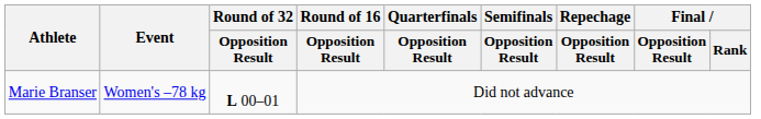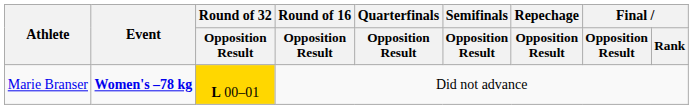 <table class="wikitable" style="font-size:90%">
 <tr>
 <th rowspan="2">Athlete</th>
 <th rowspan="2">Event</th>
 <th>Round of 32</th>
 <th>Round of 16</th>
 <th>Quarterfinals</th>
 <th>Semifinals</th>
 <th>Repechage</th>
 <th colspan=2>Final / </th>
 </tr>
 <tr style="font-size:95%">
 <th>Opposition<br>Result</th>
 <th>Opposition<br>Result</th>
 <th>Opposition<br>Result</th>
 <th>Opposition<br>Result</th>
 <th>Opposition<br>Result</th>
 <th>Opposition<br>Result</th>
 <th>Rank</th>
 </tr>
 <tr align=center>
 <td align=left><a href='#'>Marie Branser</a></td>
-<td align=left><a href='#'>Women's –78 kg</a></td>
-<td><br><strong>L</strong> 00–01</td>
+<td align=left><strong><a href='#'>Women's –78 kg</a></strong></td>
+<td style="background: gold;"><br><strong>L</strong> 00–01</td>
 <td colspan=6>Did not advance</td>
 </tr>
 </table>
